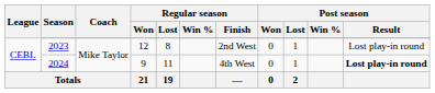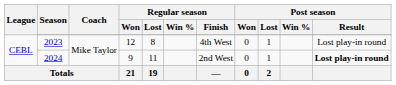 <table class="wikitable" style="font-size: 95%; text-align:center;">
 <tr>
 <th rowspan=2>League</th>
 <th rowspan="2">Season</th>
 <th rowspan="2">Coach</th>
 <th colspan="4">Regular season</th>
 <th colspan="4">Post season</th>
 </tr>
 <tr>
 <th>Won</th>
 <th>Lost</th>
 <th>Win %</th>
 <th>Finish</th>
 <th>Won</th>
 <th>Lost</th>
 <th>Win %</th>
 <th>Result</th>
 </tr>
 <tr>
 <td rowspan=3><a href='#'>CEBL</a></td>
 </tr>
 <tr>
 <td><a href='#'>2023</a></td>
 <td rowspan="2">Mike Taylor</td>
 <td>12</td>
 <td>8</td>
 <td></td>
-<td>2nd West</td>
+<td>4th West</td>
 <td>0</td>
 <td>1</td>
 <td></td>
 <td>Lost play-in round</td>
 </tr>
 <tr>
 <td><a href='#'>2024</a></td>
 <td>9</td>
 <td>11</td>
 <td></td>
-<td>4th West</td>
+<td>2nd West</td>
 <td>0</td>
 <td>1</td>
 <td></td>
 <td><strong>Lost play-in round</strong></td>
 </tr>
 <tr>
 <th colspan="3">Totals</th>
 <th>21</th>
 <th>19</th>
 <th></th>
 <th>—</th>
 <th>0</th>
 <th>2</th>
 <th></th>
 <th></th>
 </tr>
 </table>
